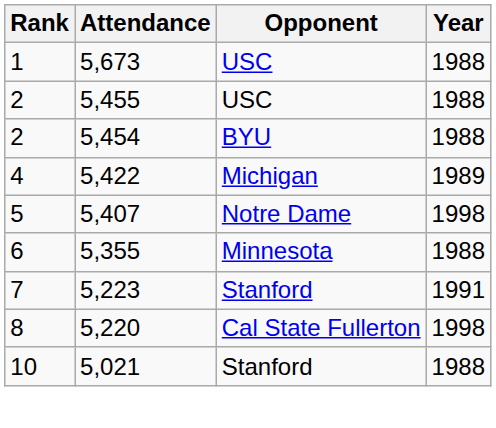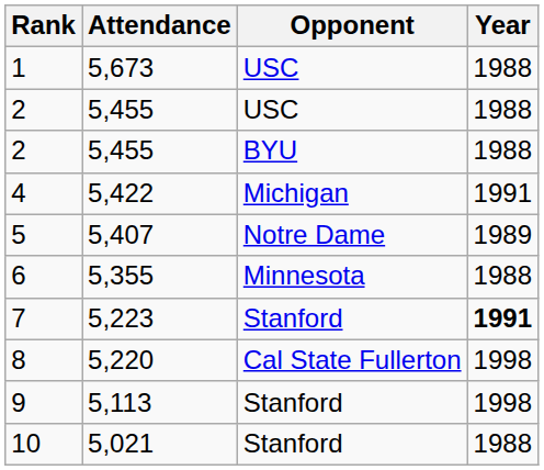 <table class="wikitable">
 <tr>
 <th>Rank</th>
 <th>Attendance</th>
 <th>Opponent</th>
 <th>Year</th>
 </tr>
 <tr>
 <td>1</td>
 <td>5,673</td>
 <td><a href='#'>USC</a></td>
 <td>1988</td>
 </tr>
 <tr>
 <td>2</td>
 <td>5,455</td>
 <td>USC</td>
 <td>1988</td>
 </tr>
 <tr>
 <td>2</td>
-<td>5,454</td>
+<td>5,455</td>
 <td><a href='#'>BYU</a></td>
 <td>1988</td>
 </tr>
 <tr>
 <td>4</td>
 <td>5,422</td>
 <td><a href='#'>Michigan</a></td>
-<td>1989</td>
+<td>1991</td>
 </tr>
 <tr>
 <td>5</td>
 <td>5,407</td>
 <td><a href='#'>Notre Dame</a></td>
-<td>1998</td>
+<td>1989</td>
 </tr>
 <tr>
 <td>6</td>
 <td>5,355</td>
 <td><a href='#'>Minnesota</a></td>
 <td>1988</td>
 </tr>
 <tr>
 <td>7</td>
 <td>5,223</td>
 <td><a href='#'>Stanford</a></td>
-<td>1991</td>
+<td><strong>1991</strong></td>
 </tr>
 <tr>
 <td>8</td>
 <td>5,220</td>
 <td><a href='#'>Cal State Fullerton</a></td>
+<td>1998</td>
+</tr>
+<tr>
+<td>9</td>
+<td>5,113</td>
+<td>Stanford</td>
 <td>1998</td>
 </tr>
 <tr>
 <td>10</td>
 <td>5,021</td>
 <td>Stanford</td>
 <td>1988</td>
 </tr>
 </table>
